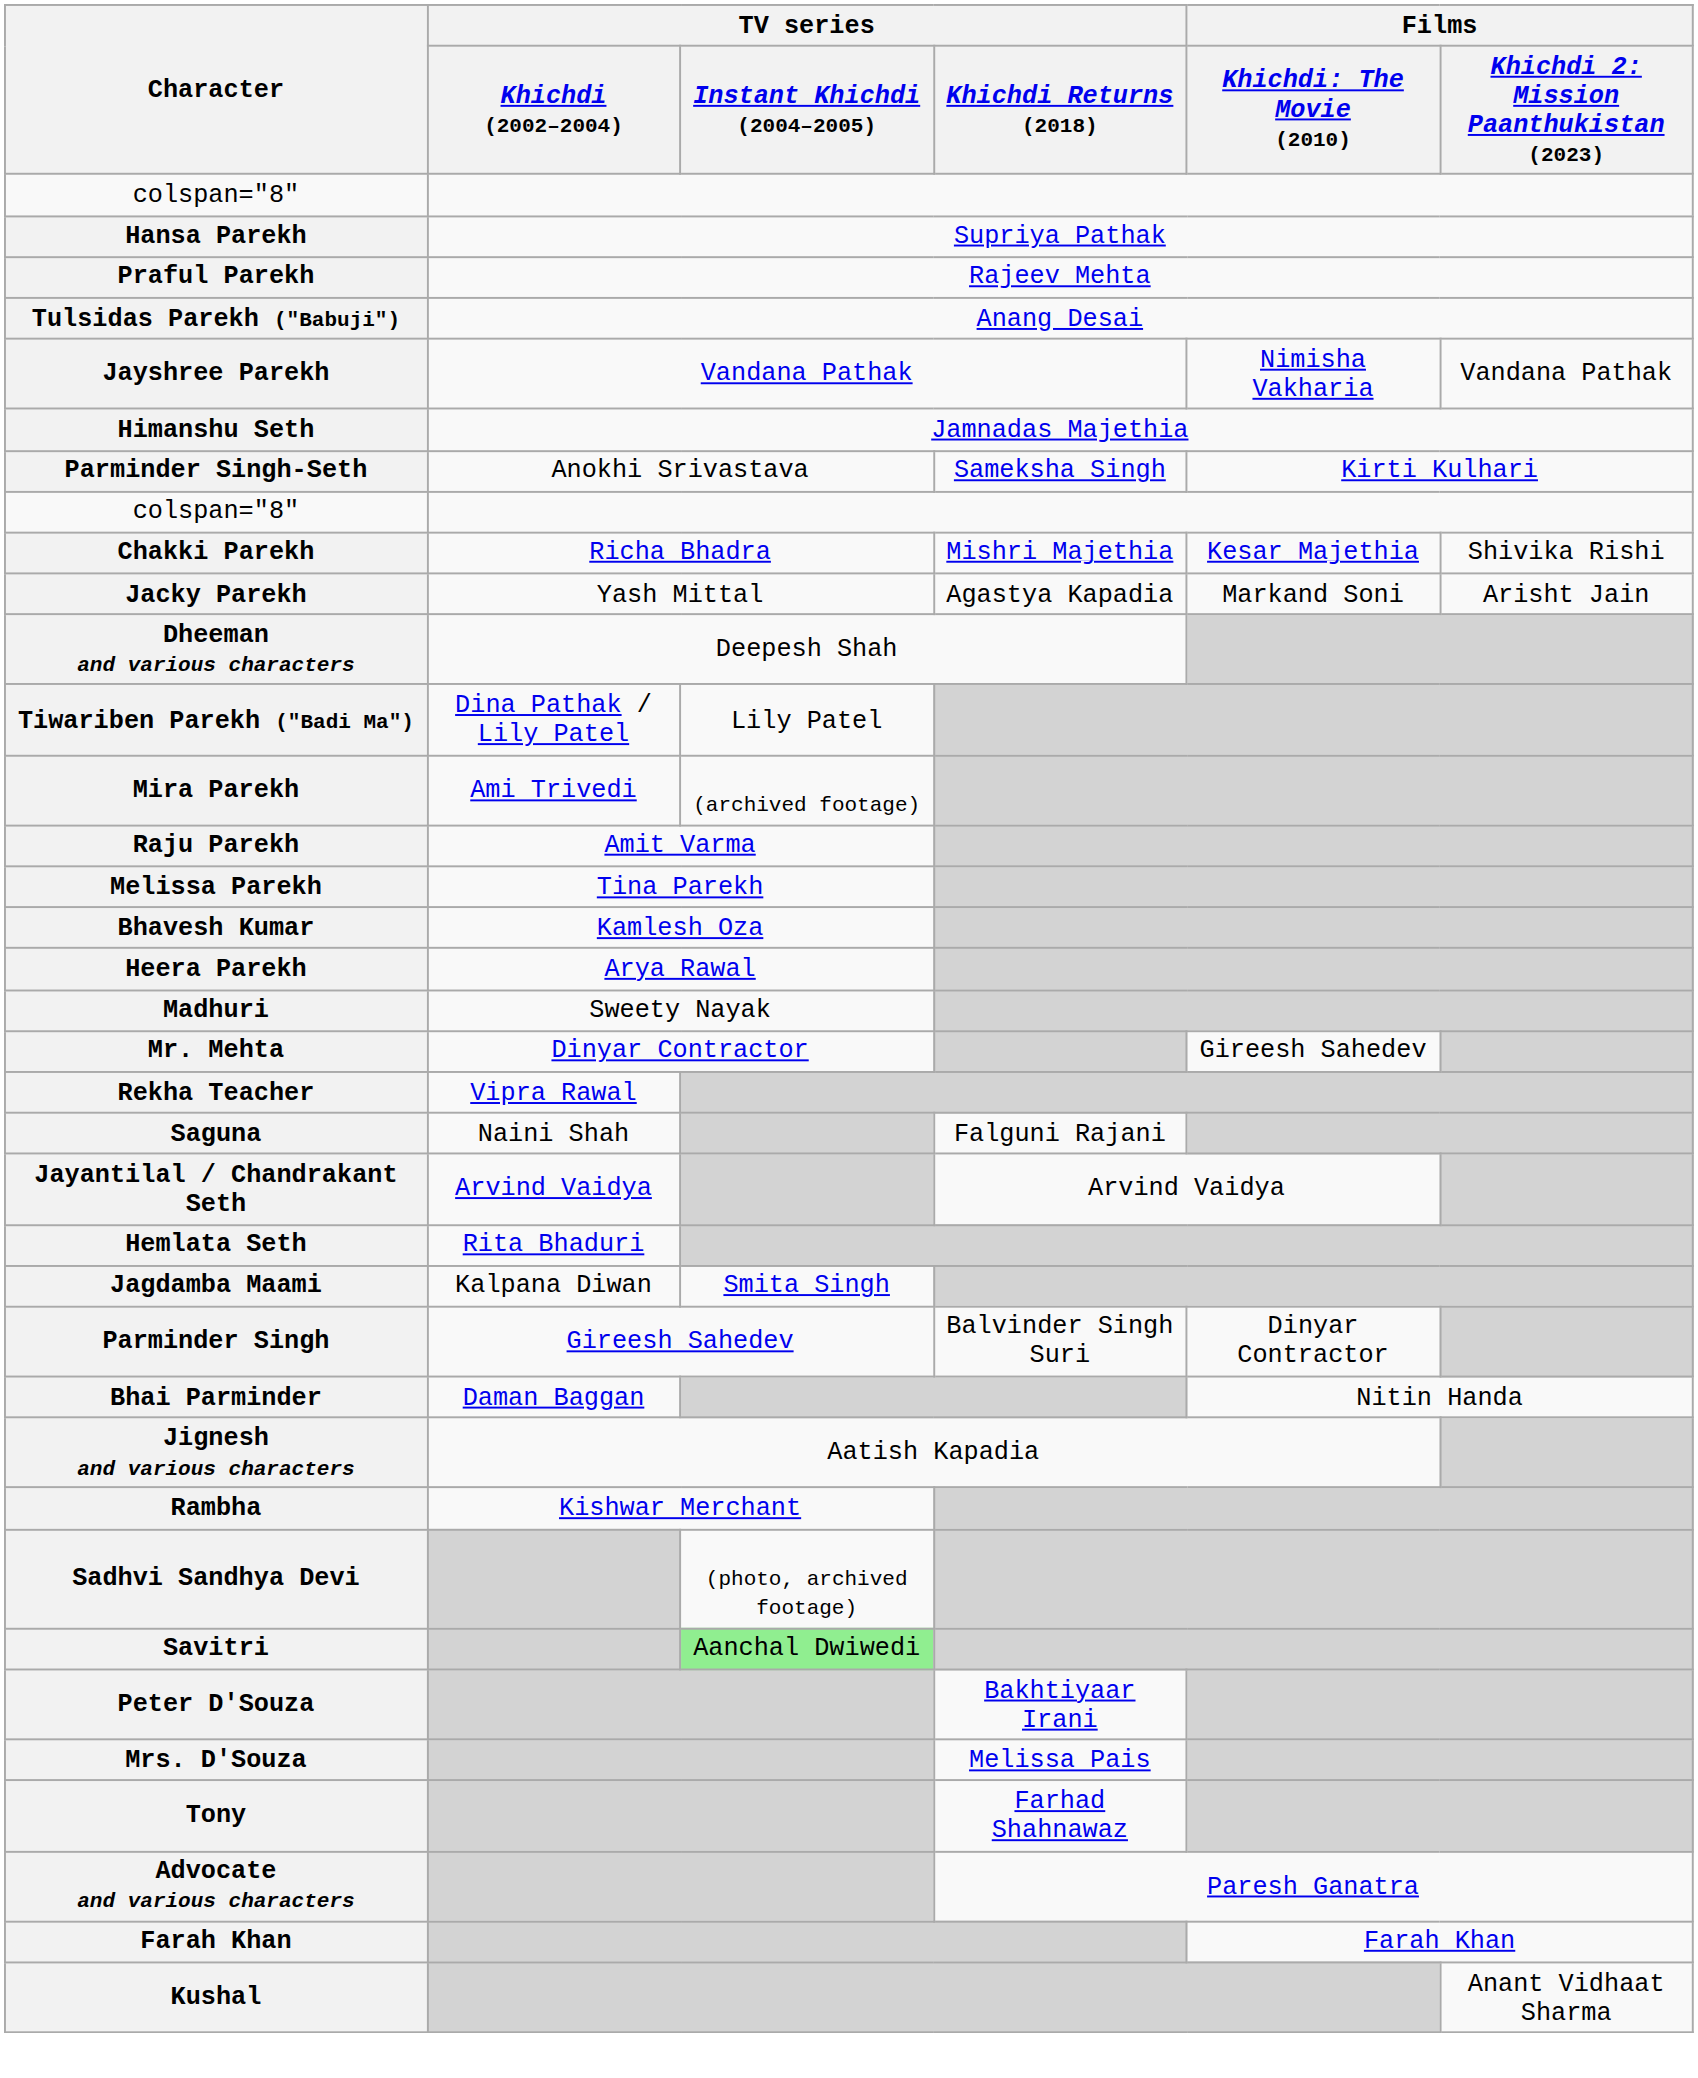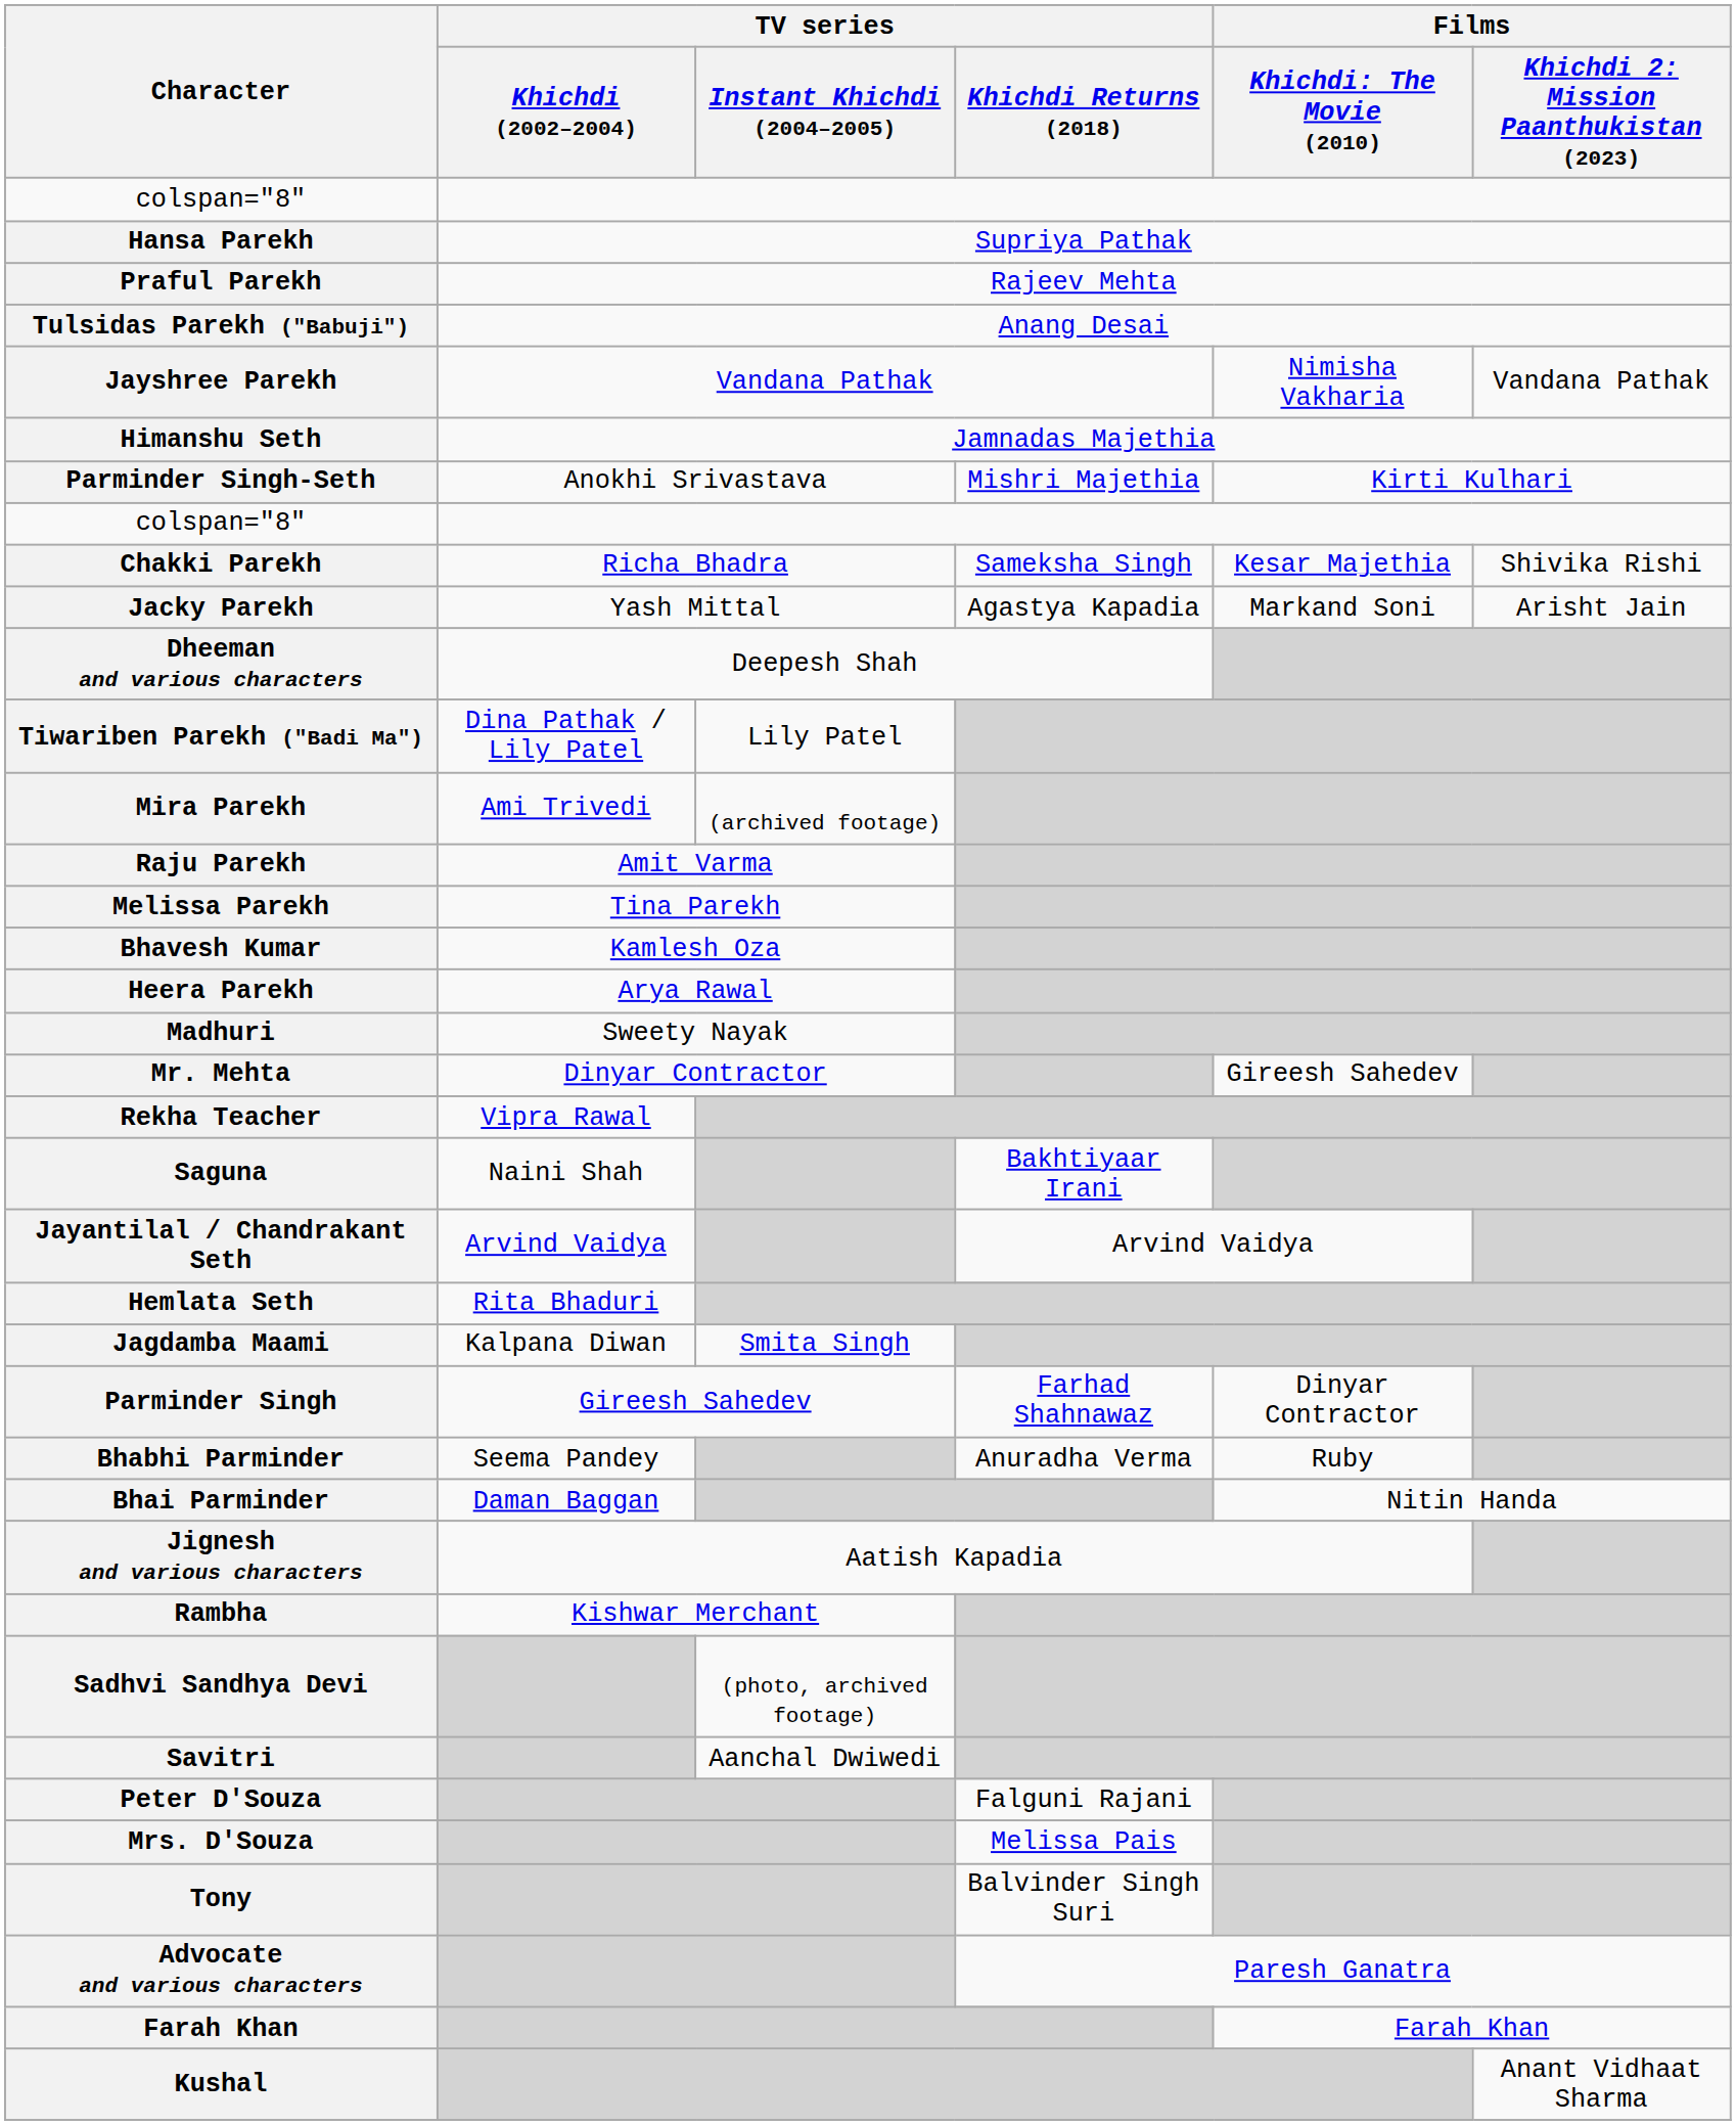 <table class="wikitable" style="text-align:center;" width:100%">
 <tr>
 <th rowspan="2">Character</th>
 <th colspan="3">TV series</th>
 <th colspan="2">Films</th>
 </tr>
 <tr>
 <th width="15%;"><em><a href='#'>Khichdi</a></em> <br><small>(2002–2004)</small></th>
 <th width="15%;"><em><a href='#'>Instant Khichdi</a></em> <br><small>(2004–2005)</small></th>
 <th width="15%;"><em><a href='#'>Khichdi Returns</a></em> <br><small>(2018)</small></th>
 <th width="15%;"><em><a href='#'>Khichdi: The Movie</a></em> <br><small>(2010)</small></th>
 <th width="15%;"><em><a href='#'>Khichdi 2: Mission Paanthukistan</a></em> <br><small>(2023)</small></th>
 </tr>
 <tr>
 <td>colspan="8" </td>
 </tr>
 <tr>
 <th>Hansa Parekh</th>
 <td colspan="5"><a href='#'>Supriya Pathak</a></td>
 </tr>
 <tr>
 <th>Praful Parekh</th>
 <td colspan="5"><a href='#'>Rajeev Mehta</a></td>
 </tr>
 <tr>
 <th>Tulsidas Parekh <small> ("Babuji")</small></th>
 <td colspan="5"><a href='#'>Anang Desai</a></td>
 </tr>
 <tr>
 <th>Jayshree Parekh</th>
 <td colspan="3"><a href='#'>Vandana Pathak</a></td>
 <td colspan="1"><a href='#'>Nimisha Vakharia</a></td>
 <td colspan="1">Vandana Pathak</td>
 </tr>
 <tr>
 <th>Himanshu Seth</th>
 <td colspan="5"><a href='#'>Jamnadas Majethia</a></td>
 </tr>
 <tr>
 <th>Parminder Singh-Seth</th>
 <td colspan="2">Anokhi Srivastava</td>
-<td colspan="1"><a href='#'>Sameksha Singh</a></td>
+<td colspan="1"><a href='#'>Mishri Majethia</a></td>
 <td colspan="2"><a href='#'>Kirti Kulhari</a></td>
 </tr>
 <tr>
 <td>colspan="8" </td>
 </tr>
 <tr>
 <th>Chakki Parekh</th>
 <td colspan="2"><a href='#'>Richa Bhadra</a></td>
-<td colspan="1"><a href='#'>Mishri Majethia</a></td>
+<td colspan="1"><a href='#'>Sameksha Singh</a></td>
 <td colspan="1"><a href='#'>Kesar Majethia</a></td>
 <td colspan="1">Shivika Rishi</td>
 </tr>
 <tr>
 <th>Jacky Parekh</th>
 <td colspan="2">Yash Mittal</td>
 <td colspan="1">Agastya Kapadia</td>
 <td colspan="1">Markand Soni</td>
 <td colspan="1">Arisht Jain</td>
 </tr>
 <tr>
 <th>Dheeman <br><small><em>and various characters</em></small></th>
 <td colspan="3">Deepesh Shah</td>
 <td colspan="2" style="background:#d3d3d3;"></td>
 </tr>
 <tr>
 <th>Tiwariben Parekh <small>("Badi Ma")</small></th>
 <td colspan="1"><a href='#'>Dina Pathak</a> /<br><a href='#'>Lily Patel</a></td>
 <td colspan="1">Lily Patel</td>
 <td colspan="3" style="background:#d3d3d3;"></td>
 </tr>
 <tr>
 <th>Mira Parekh</th>
 <td colspan="1"><a href='#'>Ami Trivedi</a></td>
 <td> <br><small>(archived footage)</small></td>
 <td colspan="3" style="background:#d3d3d3;"></td>
 </tr>
 <tr>
 <th>Raju Parekh</th>
 <td colspan="2"><a href='#'>Amit Varma</a></td>
 <td colspan="3" style="background:#d3d3d3;"></td>
 </tr>
 <tr>
 <th>Melissa Parekh</th>
 <td colspan="2"><a href='#'>Tina Parekh</a></td>
 <td colspan="3" style="background:#d3d3d3;"></td>
 </tr>
 <tr>
 <th>Bhavesh Kumar</th>
 <td colspan="2"><a href='#'>Kamlesh Oza</a></td>
 <td colspan="3" style="background:#d3d3d3;"></td>
 </tr>
 <tr>
 <th>Heera Parekh</th>
 <td colspan="2"><a href='#'>Arya Rawal</a></td>
 <td colspan="3" style="background:#d3d3d3;"></td>
 </tr>
 <tr>
 <th>Madhuri</th>
 <td colspan="2">Sweety Nayak</td>
 <td colspan="3" style="background:#d3d3d3;"></td>
 </tr>
 <tr>
 <th>Mr. Mehta</th>
 <td colspan="2"><a href='#'>Dinyar Contractor</a></td>
 <td colspan="1" style="background:#d3d3d3;"></td>
 <td colspan="1">Gireesh Sahedev</td>
 <td colspan="1" style="background:#d3d3d3;"></td>
 </tr>
 <tr>
 <th>Rekha Teacher</th>
 <td colspan="1"><a href='#'>Vipra Rawal</a></td>
 <td colspan="4" style="background:#d3d3d3;"></td>
 </tr>
 <tr>
 <th>Saguna</th>
 <td colspan="1">Naini Shah</td>
 <td colspan="1" style="background:#d3d3d3;"></td>
-<td colspan="1">Falguni Rajani</td>
+<td><a href='#'>Bakhtiyaar Irani</a></td>
 <td colspan="2" style="background:#d3d3d3;"></td>
 </tr>
 <tr>
 <th>Jayantilal / Chandrakant Seth</th>
 <td colspan="1"><a href='#'>Arvind Vaidya</a></td>
 <td colspan="1" style="background:#d3d3d3;"></td>
 <td colspan="2">Arvind Vaidya</td>
 <td colspan="1" style="background:#d3d3d3;"></td>
 </tr>
 <tr>
 <th>Hemlata Seth</th>
 <td colspan="1"><a href='#'>Rita Bhaduri</a></td>
 <td colspan="4" style="background:#d3d3d3;"></td>
 </tr>
 <tr>
 <th>Jagdamba Maami</th>
 <td colspan="1">Kalpana Diwan</td>
 <td><a href='#'>Smita Singh</a></td>
 <td colspan="3" style="background:#d3d3d3;"></td>
 </tr>
 <tr>
 <th>Parminder Singh</th>
 <td colspan="2"><a href='#'>Gireesh Sahedev</a></td>
-<td colspan="1">Balvinder Singh Suri</td>
+<td><a href='#'>Farhad Shahnawaz</a></td>
 <td colspan="1">Dinyar Contractor</td>
+<td colspan="1" style="background:#d3d3d3;"></td>
+</tr>
+<tr>
+<th>Bhabhi Parminder</th>
+<td>Seema Pandey</td>
+<td colspan="1" style="background:#d3d3d3;"></td>
+<td>Anuradha Verma</td>
+<td>Ruby</td>
 <td colspan="1" style="background:#d3d3d3;"></td>
 </tr>
 <tr>
 <th>Bhai Parminder</th>
 <td><a href='#'>Daman Baggan</a></td>
 <td colspan="2" style="background:#d3d3d3;"></td>
 <td colspan="2">Nitin Handa</td>
 </tr>
 <tr>
 <th>Jignesh <br><small><em>and various characters</em></small></th>
 <td colspan="4">Aatish Kapadia</td>
 <td colspan="1" style="background:#d3d3d3;"></td>
 </tr>
 <tr>
 <th>Rambha</th>
 <td colspan="2"><a href='#'>Kishwar Merchant</a></td>
 <td colspan="3" style="background:#d3d3d3;"></td>
 </tr>
 <tr>
 <th>Sadhvi Sandhya Devi</th>
 <td colspan="1" style="background:#d3d3d3;"></td>
 <td> <br><small>(photo, archived footage)</small></td>
 <td colspan="3" style="background:#d3d3d3;"></td>
 </tr>
 <tr>
 <th>Savitri</th>
 <td colspan="1" style="background:#d3d3d3;"></td>
-<td style="background: lightgreen;">Aanchal Dwiwedi</td>
+<td>Aanchal Dwiwedi</td>
 <td colspan="3" style="background:#d3d3d3;"></td>
 </tr>
 <tr>
 <th>Peter D'Souza</th>
 <td colspan="2" style="background:#d3d3d3;"></td>
-<td><a href='#'>Bakhtiyaar Irani</a></td>
+<td colspan="1">Falguni Rajani</td>
 <td colspan="2" style="background:#d3d3d3;"></td>
 </tr>
 <tr>
 <th>Mrs. D'Souza</th>
 <td colspan="2" style="background:#d3d3d3;"></td>
 <td><a href='#'>Melissa Pais</a></td>
 <td colspan="2" style="background:#d3d3d3;"></td>
 </tr>
 <tr>
 <th>Tony</th>
 <td colspan="2" style="background:#d3d3d3;"></td>
-<td><a href='#'>Farhad Shahnawaz</a></td>
+<td colspan="1">Balvinder Singh Suri</td>
 <td colspan="2" style="background:#d3d3d3;"></td>
 </tr>
 <tr>
 <th>Advocate <br><small><em>and various characters</em></small></th>
 <td colspan="2" style="background:#d3d3d3;"></td>
 <td colspan="3"><a href='#'>Paresh Ganatra</a></td>
 </tr>
 <tr>
 <th>Farah Khan</th>
 <td colspan="3" style="background:#d3d3d3;"></td>
 <td colspan="2"><a href='#'>Farah Khan</a></td>
 </tr>
 <tr>
 <th>Kushal</th>
 <td colspan="4" style="background:#d3d3d3;"></td>
 <td colspan="1">Anant Vidhaat Sharma</td>
 </tr>
 </table>
